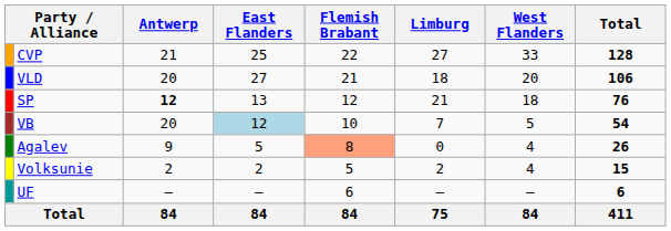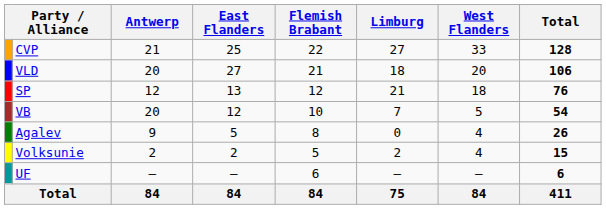 <table class="wikitable" style="text-align: center">
 <tr>
 <th style="width: 8em" colspan=2>Party / Alliance</th>
 <th style="width: 6em"><a href='#'>Antwerp</a></th>
 <th style="width: 6em"><a href='#'>East Flanders</a></th>
 <th style="width: 6em"><a href='#'>Flemish Brabant</a></th>
 <th style="width: 6em"><a href='#'>Limburg</a></th>
 <th style="width: 6em"><a href='#'>West Flanders</a></th>
 <th style="width: 6em">Total</th>
 </tr>
 <tr>
 <td bgcolor="orange"></td>
 <td style="text-align: left;"><a href='#'>CVP</a></td>
 <td>21</td>
 <td>25</td>
 <td>22</td>
 <td>27</td>
 <td>33</td>
 <td><strong>128</strong></td>
 </tr>
 <tr>
 <td bgcolor="blue"></td>
 <td style="text-align: left;"><a href='#'>VLD</a></td>
 <td>20</td>
 <td>27</td>
 <td>21</td>
 <td>18</td>
 <td>20</td>
 <td><strong>106</strong></td>
 </tr>
 <tr>
 <td bgcolor="red"></td>
 <td style="text-align: left;"><a href='#'>SP</a></td>
-<td><strong>12</strong></td>
+<td>12</td>
 <td>13</td>
 <td>12</td>
 <td>21</td>
 <td>18</td>
 <td><strong>76</strong></td>
 </tr>
 <tr>
 <td bgcolor="brown"></td>
 <td style="text-align: left;"><a href='#'>VB</a></td>
 <td>20</td>
-<td style="background: lightblue;">12</td>
+<td>12</td>
 <td>10</td>
 <td>7</td>
 <td>5</td>
 <td><strong>54</strong></td>
 </tr>
 <tr>
 <td bgcolor="green"></td>
 <td style="text-align: left;"><a href='#'>Agalev</a></td>
 <td>9</td>
 <td>5</td>
-<td style="background: lightsalmon;">8</td>
+<td>8</td>
 <td>0</td>
 <td>4</td>
 <td><strong>26</strong></td>
 </tr>
 <tr>
 <td bgcolor="yellow"></td>
 <td style="text-align: left;"><a href='#'>Volksunie</a></td>
 <td>2</td>
 <td>2</td>
 <td>5</td>
 <td>2</td>
 <td>4</td>
 <td><strong>15</strong></td>
 </tr>
 <tr>
 <td bgcolor="#009999"></td>
 <td style="text-align: left;"><a href='#'>UF</a></td>
 <td>–</td>
 <td>–</td>
 <td>6</td>
 <td>–</td>
 <td>–</td>
 <td><strong>6</strong></td>
 </tr>
 <tr>
 <th colspan=2>Total</th>
 <th>84</th>
 <th>84</th>
 <th>84</th>
 <th>75</th>
 <th>84</th>
 <th>411</th>
 </tr>
 </table>
